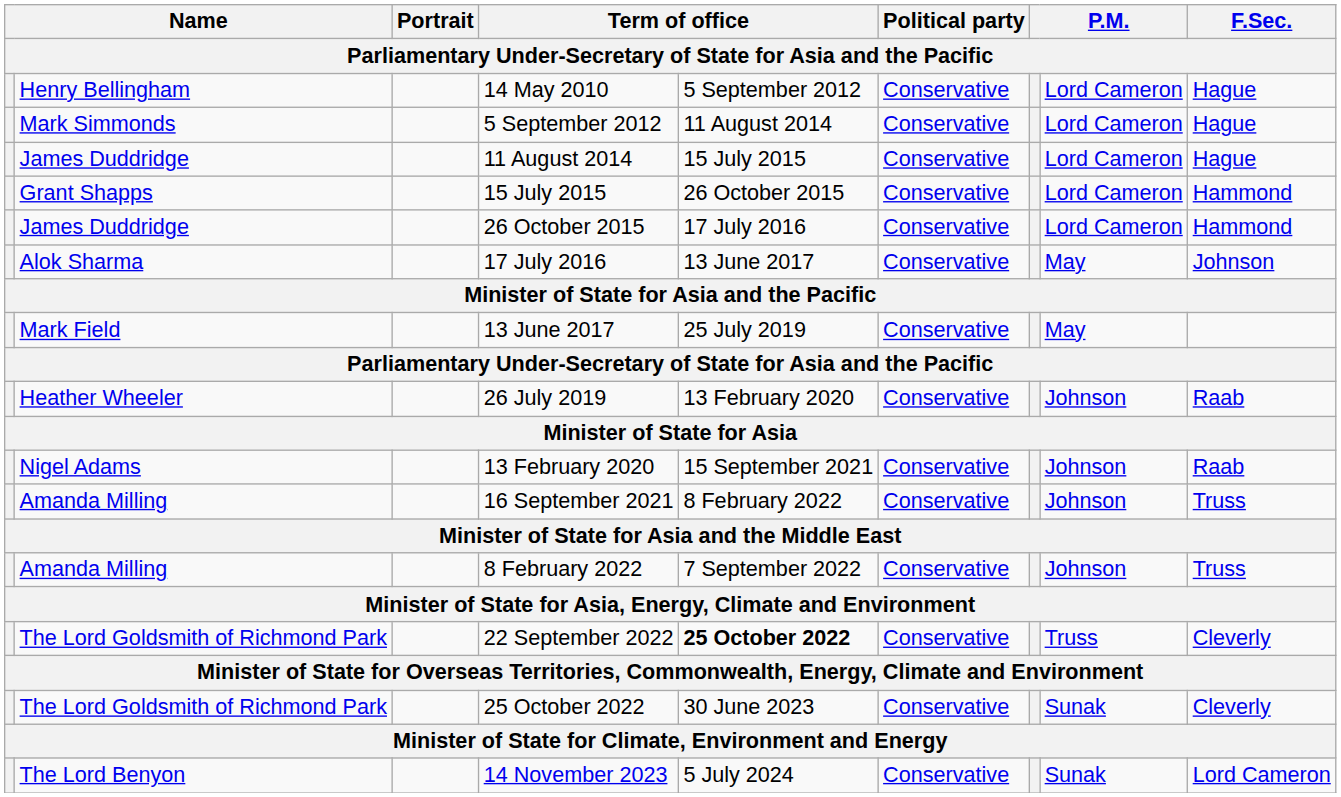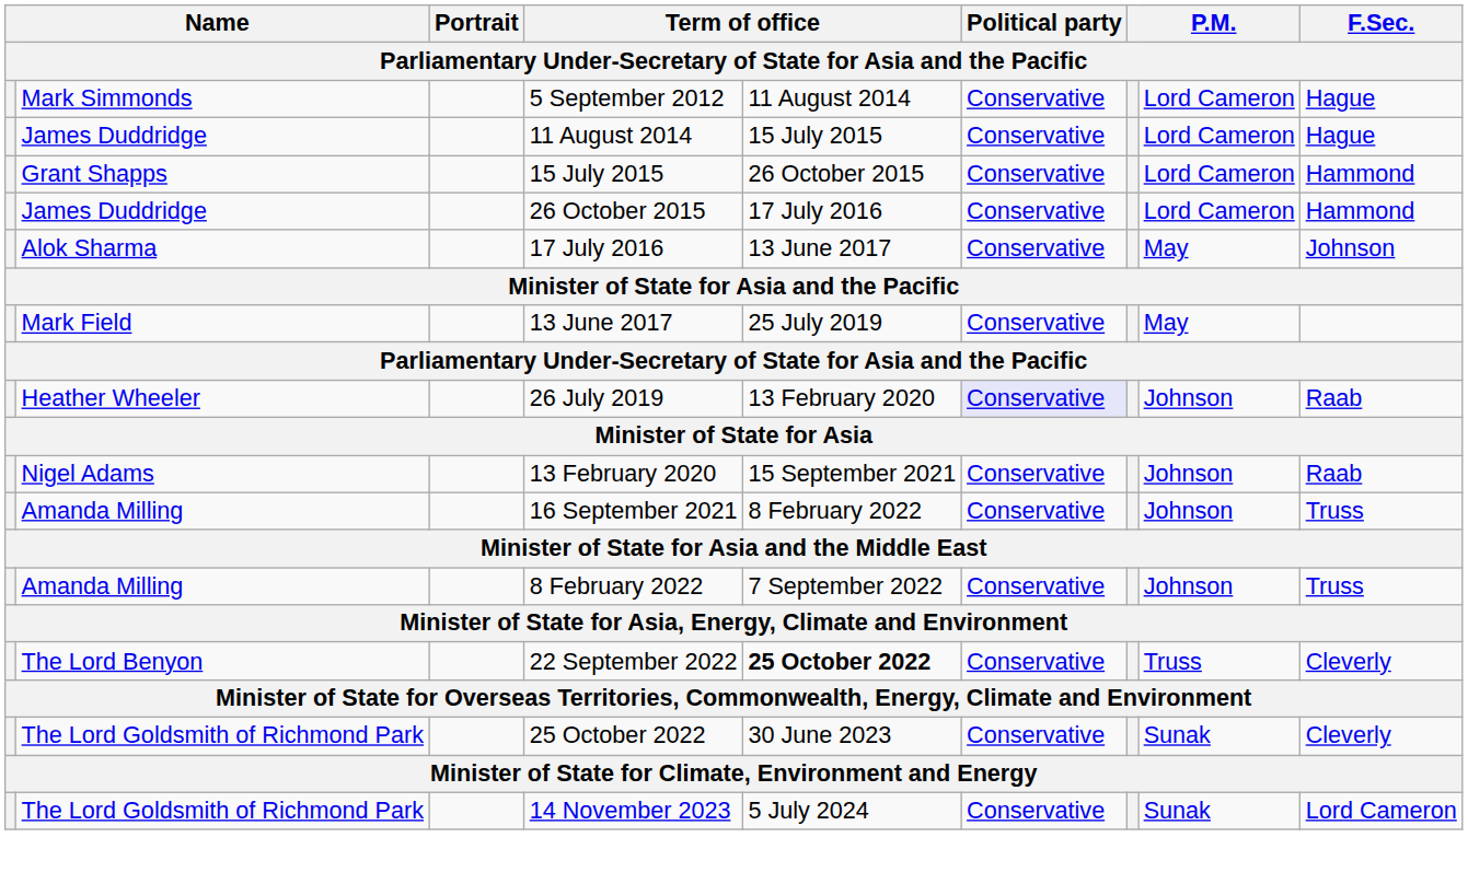 <table class="wikitable" style="text-align:left">
 <tr>
 <th colspan="2">Name</th>
 <th>Portrait</th>
 <th colspan="2">Term of office</th>
 <th>Political party</th>
 <th colspan="2"><a href='#'>P.M.</a></th>
 <th><a href='#'>F.Sec.</a></th>
 </tr>
 <tr>
 <th colspan=9>Parliamentary Under-Secretary of State for Asia and the Pacific<br></th>
-</tr>
-<tr>
-<th style="background-color: "></th>
-<td><a href='#'>Henry Bellingham</a></td>
-<td></td>
-<td>14 May 2010</td>
-<td>5 September 2012</td>
-<td><a href='#'>Conservative</a></td>
-<th style="background-color: "></th>
-<td><a href='#'>Lord Cameron</a></td>
-<td><a href='#'>Hague</a></td>
 </tr>
 <tr>
 <th style="background-color: "></th>
 <td><a href='#'>Mark Simmonds</a></td>
 <td></td>
 <td>5 September 2012</td>
 <td>11 August 2014</td>
 <td><a href='#'>Conservative</a></td>
 <th style="background-color: "></th>
 <td><a href='#'>Lord Cameron</a></td>
 <td><a href='#'>Hague</a></td>
 </tr>
 <tr>
 <th style="background-color: "></th>
 <td><a href='#'>James Duddridge</a></td>
 <td></td>
 <td>11 August 2014</td>
 <td>15 July 2015</td>
 <td><a href='#'>Conservative</a></td>
 <th style="background-color: "></th>
 <td><a href='#'>Lord Cameron</a></td>
 <td><a href='#'>Hague</a></td>
 </tr>
 <tr>
 <th style="background-color: "></th>
 <td><a href='#'>Grant Shapps</a></td>
 <td></td>
 <td>15 July 2015</td>
 <td>26 October 2015</td>
 <td><a href='#'>Conservative</a></td>
 <th style="background-color: "></th>
 <td><a href='#'>Lord Cameron</a></td>
 <td><a href='#'>Hammond</a></td>
 </tr>
 <tr>
 <th style="background-color: "></th>
 <td><a href='#'>James Duddridge</a></td>
 <td></td>
 <td>26 October 2015</td>
 <td>17 July 2016</td>
 <td><a href='#'>Conservative</a></td>
 <th style="background-color: "></th>
 <td><a href='#'>Lord Cameron</a></td>
 <td><a href='#'>Hammond</a></td>
 </tr>
 <tr>
 <th style="background-color: "></th>
 <td><a href='#'>Alok Sharma</a></td>
 <td></td>
 <td>17 July 2016</td>
 <td>13 June 2017</td>
 <td><a href='#'>Conservative</a></td>
 <th style="background-color: "></th>
 <td><a href='#'>May</a></td>
 <td><a href='#'>Johnson</a></td>
 </tr>
 <tr>
 <th colspan=9>Minister of State for Asia and the Pacific</th>
 </tr>
 <tr>
 <th style="background-color: "></th>
 <td><a href='#'>Mark Field</a></td>
 <td></td>
 <td>13 June 2017</td>
 <td>25 July 2019</td>
 <td><a href='#'>Conservative</a></td>
 <th style="background-color: "></th>
 <td><a href='#'>May</a></td>
 <td></td>
 </tr>
 <tr>
 <th colspan=9>Parliamentary Under-Secretary of State for Asia and the Pacific</th>
 </tr>
 <tr>
 <th style="background-color: "></th>
 <td><a href='#'>Heather Wheeler</a></td>
 <td></td>
 <td>26 July 2019</td>
 <td>13 February 2020</td>
-<td><a href='#'>Conservative</a></td>
+<td style="background: lavender;"><a href='#'>Conservative</a></td>
 <th style="background-color: "></th>
 <td><a href='#'>Johnson</a></td>
 <td><a href='#'>Raab</a></td>
 </tr>
 <tr>
 <th colspan=9>Minister of State for Asia</th>
 </tr>
 <tr>
 <th style="background-color: "></th>
 <td><a href='#'>Nigel Adams</a></td>
 <td></td>
 <td>13 February 2020</td>
 <td>15 September 2021</td>
 <td><a href='#'>Conservative</a></td>
 <th style="background-color: "></th>
 <td><a href='#'>Johnson</a></td>
 <td><a href='#'>Raab</a></td>
 </tr>
 <tr>
 <th style="background-color: "></th>
 <td><a href='#'>Amanda Milling</a></td>
 <td></td>
 <td>16 September 2021</td>
 <td>8 February 2022</td>
 <td><a href='#'>Conservative</a></td>
 <th style="background-color: "></th>
 <td><a href='#'>Johnson</a></td>
 <td><a href='#'>Truss</a></td>
 </tr>
 <tr>
 <th colspan=9>Minister of State for Asia and the Middle East</th>
 </tr>
 <tr>
 <th style="background-color: "></th>
 <td><a href='#'>Amanda Milling</a></td>
 <td></td>
 <td>8 February 2022</td>
 <td>7 September 2022</td>
 <td><a href='#'>Conservative</a></td>
 <th style="background-color: "></th>
 <td><a href='#'>Johnson</a></td>
 <td><a href='#'>Truss</a></td>
 </tr>
 <tr>
 <th colspan=9>Minister of State for Asia, Energy, Climate and Environment</th>
 </tr>
 <tr>
 <th style="background-color: "></th>
-<td><a href='#'>The Lord Goldsmith of Richmond Park</a></td>
+<td><a href='#'>The Lord Benyon</a></td>
 <td></td>
 <td>22 September 2022</td>
 <td><strong>25 October 2022</strong></td>
 <td><a href='#'>Conservative</a></td>
 <th style="background-color: "></th>
 <td><a href='#'>Truss</a></td>
 <td><a href='#'>Cleverly</a></td>
 </tr>
 <tr>
 <th colspan=9>Minister of State for Overseas Territories, Commonwealth, Energy, Climate and Environment</th>
 </tr>
 <tr>
 <th style="background-color: "></th>
 <td><a href='#'>The Lord Goldsmith of Richmond Park</a></td>
 <td></td>
 <td>25 October 2022</td>
 <td>30 June 2023</td>
 <td><a href='#'>Conservative</a></td>
 <th style="background-color: "></th>
 <td><a href='#'>Sunak</a></td>
 <td><a href='#'>Cleverly</a></td>
 </tr>
 <tr>
 <th colspan=9>Minister of State for Climate, Environment and Energy</th>
 </tr>
 <tr>
 <th style="background-color: "></th>
-<td><a href='#'>The Lord Benyon</a></td>
+<td><a href='#'>The Lord Goldsmith of Richmond Park</a></td>
 <td></td>
 <td><a href='#'>14 November 2023</a></td>
 <td>5 July 2024</td>
 <td><a href='#'>Conservative</a></td>
 <th style="background-color: "></th>
 <td><a href='#'>Sunak</a></td>
 <td><a href='#'>Lord Cameron</a></td>
 </tr>
 </table>
